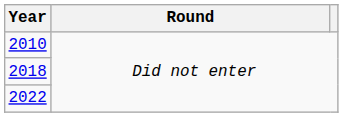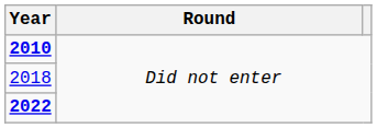 <table class="wikitable" style="text-align: center; font-size:90%">
 <tr>
 <th>Year</th>
 <th style="width:200px">Round</th>
 <th></th>
 </tr>
 <tr>
-<td><a href='#'>2010</a></td>
+<td><strong><a href='#'>2010</a></strong></td>
 <td colspan="2" rowspan="3"><em>Did not enter</em></td>
 </tr>
 <tr>
 <td><a href='#'>2018</a></td>
 </tr>
 <tr>
-<td><a href='#'>2022</a></td>
+<td><strong><a href='#'>2022</a></strong></td>
 </tr>
 </table>
